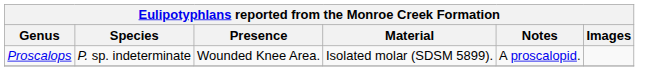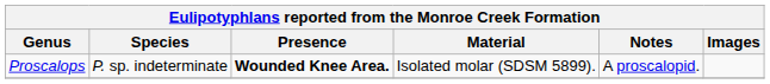 <table class="wikitable" align="center">
 <tr>
 <th colspan="6" align="center"><strong><a href='#'>Eulipotyphlans</a> reported from the Monroe Creek Formation</strong></th>
 </tr>
 <tr>
 <th>Genus</th>
 <th>Species</th>
 <th>Presence</th>
 <th><strong>Material</strong></th>
 <th>Notes</th>
 <th>Images</th>
 </tr>
 <tr>
 <td><em><a href='#'>Proscalops</a></em></td>
 <td><em>P.</em> sp. indeterminate</td>
-<td>Wounded Knee Area.</td>
+<td><strong>Wounded Knee Area.</strong></td>
 <td>Isolated molar (SDSM 5899).</td>
 <td>A <a href='#'>proscalopid</a>.</td>
 <td></td>
 </tr>
 <tr>
 </tr>
 </table>
